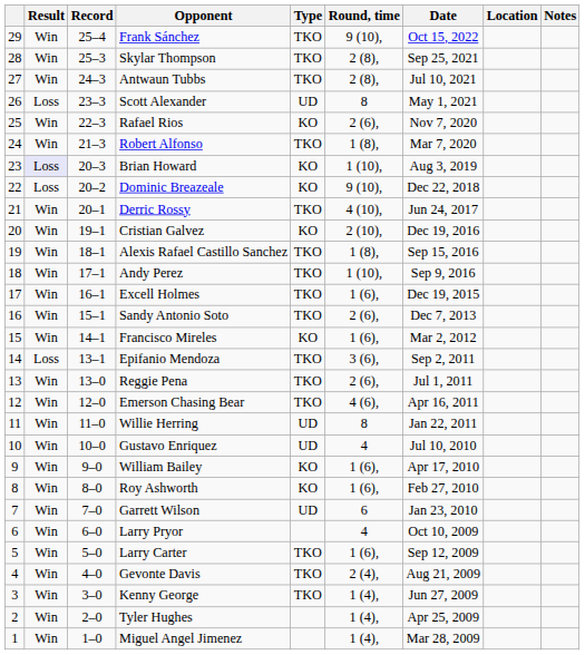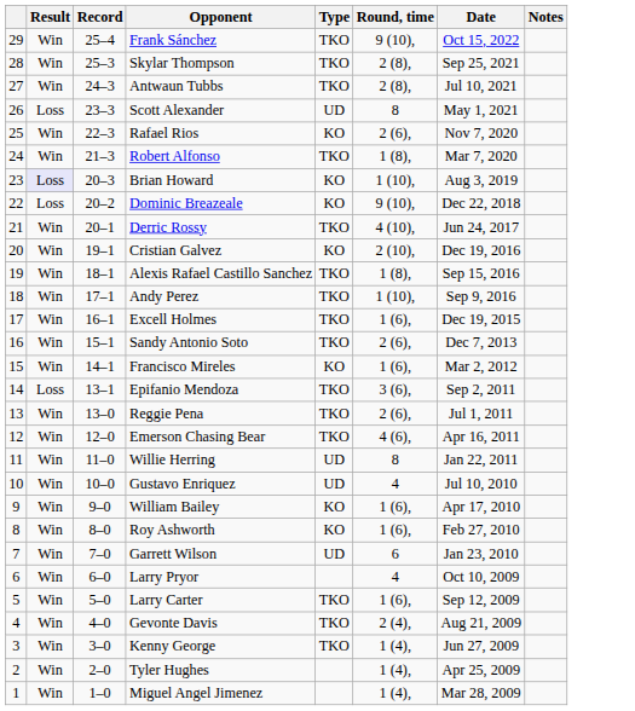 <table class="wikitable" style="text-align:center">
 <tr>
 <th></th>
 <th>Result</th>
 <th>Record</th>
 <th>Opponent</th>
 <th>Type</th>
 <th>Round, time</th>
 <th>Date</th>
-<th>Location</th>
 <th>Notes</th>
 </tr>
 <tr>
 <td>29</td>
 <td>Win</td>
 <td>25–4</td>
 <td style="text-align:left;"><a href='#'>Frank Sánchez</a></td>
 <td>TKO</td>
 <td>9 (10), </td>
 <td><a href='#'>Oct 15, 2022</a></td>
 <td style="text-align:left;"></td>
-<td style="text-align:left;"></td>
 </tr>
 <tr>
 <td>28</td>
 <td>Win</td>
 <td>25–3</td>
 <td style="text-align:left;">Skylar Thompson</td>
 <td>TKO</td>
 <td>2 (8), </td>
 <td>Sep 25, 2021</td>
-<td style="text-align:left;"></td>
 <td style="text-align:left;"></td>
 </tr>
 <tr>
 <td>27</td>
 <td>Win</td>
 <td>24–3</td>
 <td style="text-align:left;">Antwaun Tubbs</td>
 <td>TKO</td>
 <td>2 (8), </td>
 <td>Jul 10, 2021</td>
 <td style="text-align:left;"></td>
-<td style="text-align:left;"></td>
 </tr>
 <tr>
 <td>26</td>
 <td>Loss</td>
 <td>23–3</td>
 <td style="text-align:left;">Scott Alexander</td>
 <td>UD</td>
 <td>8</td>
 <td>May 1, 2021</td>
-<td style="text-align:left;"></td>
 <td style="text-align:left;"></td>
 </tr>
 <tr>
 <td>25</td>
 <td>Win</td>
 <td>22–3</td>
 <td style="text-align:left;">Rafael Rios</td>
 <td>KO</td>
 <td>2 (6), </td>
 <td>Nov 7, 2020</td>
 <td style="text-align:left;"></td>
-<td style="text-align:left;"></td>
 </tr>
 <tr>
 <td>24</td>
 <td>Win</td>
 <td>21–3</td>
 <td style="text-align:left;"><a href='#'>Robert Alfonso</a></td>
 <td>TKO</td>
 <td>1 (8), </td>
 <td>Mar 7, 2020</td>
-<td style="text-align:left;"></td>
 <td style="text-align:left;"></td>
 </tr>
 <tr>
 <td>23</td>
 <td style="background: lavender;">Loss</td>
 <td>20–3</td>
 <td style="text-align:left;">Brian Howard</td>
 <td>KO</td>
 <td>1 (10), </td>
 <td>Aug 3, 2019</td>
 <td style="text-align:left;"></td>
-<td style="text-align:left;"></td>
 </tr>
 <tr>
 <td>22</td>
 <td>Loss</td>
 <td>20–2</td>
 <td style="text-align:left;"><a href='#'>Dominic Breazeale</a></td>
 <td>KO</td>
 <td>9 (10), </td>
 <td>Dec 22, 2018</td>
-<td style="text-align:left;"></td>
 <td style="text-align:left;"></td>
 </tr>
 <tr>
 <td>21</td>
 <td>Win</td>
 <td>20–1</td>
 <td style="text-align:left;"><a href='#'>Derric Rossy</a></td>
 <td>TKO</td>
 <td>4 (10), </td>
 <td>Jun 24, 2017</td>
 <td style="text-align:left;"></td>
-<td style="text-align:left;"></td>
 </tr>
 <tr>
 <td>20</td>
 <td>Win</td>
 <td>19–1</td>
 <td style="text-align:left;">Cristian Galvez</td>
 <td>KO</td>
 <td>2 (10), </td>
 <td>Dec 19, 2016</td>
-<td style="text-align:left;"></td>
 <td></td>
 </tr>
 <tr>
 <td>19</td>
 <td>Win</td>
 <td>18–1</td>
 <td style="text-align:left;">Alexis Rafael Castillo Sanchez</td>
 <td>TKO</td>
 <td>1 (8), </td>
 <td>Sep 15, 2016</td>
-<td style="text-align:left;"></td>
 <td></td>
 </tr>
 <tr>
 <td>18</td>
 <td>Win</td>
 <td>17–1</td>
 <td style="text-align:left;">Andy Perez</td>
 <td>TKO</td>
 <td>1 (10), </td>
 <td>Sep 9, 2016</td>
 <td style="text-align:left;"></td>
-<td style="text-align:left;"></td>
 </tr>
 <tr>
 <td>17</td>
 <td>Win</td>
 <td>16–1</td>
 <td style="text-align:left;">Excell Holmes</td>
 <td>TKO</td>
 <td>1 (6), </td>
 <td>Dec 19, 2015</td>
-<td style="text-align:left;"></td>
 <td></td>
 </tr>
 <tr>
 <td>16</td>
 <td>Win</td>
 <td>15–1</td>
 <td style="text-align:left;">Sandy Antonio Soto</td>
 <td>TKO</td>
 <td>2 (6), </td>
 <td>Dec 7, 2013</td>
-<td style="text-align:left;"></td>
 <td></td>
 </tr>
 <tr>
 <td>15</td>
 <td>Win</td>
 <td>14–1</td>
 <td style="text-align:left;">Francisco Mireles</td>
 <td>KO</td>
 <td>1 (6), </td>
 <td>Mar 2, 2012</td>
-<td style="text-align:left;"></td>
 <td></td>
 </tr>
 <tr>
 <td>14</td>
 <td>Loss</td>
 <td>13–1</td>
 <td style="text-align:left;">Epifanio Mendoza</td>
 <td>TKO</td>
 <td>3 (6), </td>
 <td>Sep 2, 2011</td>
-<td style="text-align:left;"></td>
 <td></td>
 </tr>
 <tr>
 <td>13</td>
 <td>Win</td>
 <td>13–0</td>
 <td style="text-align:left;">Reggie Pena</td>
 <td>TKO</td>
 <td>2 (6), </td>
 <td>Jul 1, 2011</td>
-<td style="text-align:left;"></td>
 <td></td>
 </tr>
 <tr>
 <td>12</td>
 <td>Win</td>
 <td>12–0</td>
 <td style="text-align:left;">Emerson Chasing Bear</td>
 <td>TKO</td>
 <td>4 (6), </td>
 <td>Apr 16, 2011</td>
-<td style="text-align:left;"></td>
 <td></td>
 </tr>
 <tr>
 <td>11</td>
 <td>Win</td>
 <td>11–0</td>
 <td style="text-align:left;">Willie Herring</td>
 <td>UD</td>
 <td>8</td>
 <td>Jan 22, 2011</td>
-<td style="text-align:left;"></td>
 <td></td>
 </tr>
 <tr>
 <td>10</td>
 <td>Win</td>
 <td>10–0</td>
 <td style="text-align:left;">Gustavo Enriquez</td>
 <td>UD</td>
 <td>4</td>
 <td>Jul 10, 2010</td>
-<td style="text-align:left;"></td>
 <td></td>
 </tr>
 <tr>
 <td>9</td>
 <td>Win</td>
 <td>9–0</td>
 <td style="text-align:left;">William Bailey</td>
 <td>KO</td>
 <td>1 (6), </td>
 <td>Apr 17, 2010</td>
-<td style="text-align:left;"></td>
 <td></td>
 </tr>
 <tr>
 <td>8</td>
 <td>Win</td>
 <td>8–0</td>
 <td style="text-align:left;">Roy Ashworth</td>
 <td>KO</td>
 <td>1 (6), </td>
 <td>Feb 27, 2010</td>
-<td style="text-align:left;"></td>
 <td></td>
 </tr>
 <tr>
 <td>7</td>
 <td>Win</td>
 <td>7–0</td>
 <td style="text-align:left;">Garrett Wilson</td>
 <td>UD</td>
 <td>6</td>
 <td>Jan 23, 2010</td>
-<td style="text-align:left;"></td>
 <td></td>
 </tr>
 <tr>
 <td>6</td>
 <td>Win</td>
 <td>6–0</td>
 <td style="text-align:left;">Larry Pryor</td>
 <td></td>
 <td>4</td>
 <td>Oct 10, 2009</td>
-<td style="text-align:left;"></td>
 <td></td>
 </tr>
 <tr>
 <td>5</td>
 <td>Win</td>
 <td>5–0</td>
 <td style="text-align:left;">Larry Carter</td>
 <td>TKO</td>
 <td>1 (6), </td>
 <td>Sep 12, 2009</td>
-<td style="text-align:left;"></td>
 <td></td>
 </tr>
 <tr>
 <td>4</td>
 <td>Win</td>
 <td>4–0</td>
 <td style="text-align:left;">Gevonte Davis</td>
 <td>TKO</td>
 <td>2 (4), </td>
 <td>Aug 21, 2009</td>
-<td style="text-align:left;"></td>
 <td></td>
 </tr>
 <tr>
 <td>3</td>
 <td>Win</td>
 <td>3–0</td>
 <td style="text-align:left;">Kenny George</td>
 <td>TKO</td>
 <td>1 (4), </td>
 <td>Jun 27, 2009</td>
-<td style="text-align:left;"></td>
 <td></td>
 </tr>
 <tr>
 <td>2</td>
 <td>Win</td>
 <td>2–0</td>
 <td style="text-align:left;">Tyler Hughes</td>
 <td></td>
 <td>1 (4), </td>
 <td>Apr 25, 2009</td>
-<td style="text-align:left;"></td>
 <td></td>
 </tr>
 <tr>
 <td>1</td>
 <td>Win</td>
 <td>1–0</td>
 <td style="text-align:left;">Miguel Angel Jimenez</td>
 <td></td>
 <td>1 (4), </td>
 <td>Mar 28, 2009</td>
-<td style="text-align:left;"></td>
 <td></td>
 </tr>
 </table>
